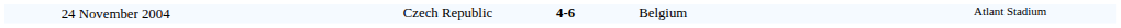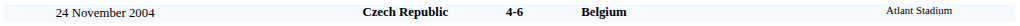 <table style="width: 100%; background:#F5FAFF;" cellspacing="0">
 <tr>
 <td align=center rowspan=3 width=20%>24 November 2004</td>
 </tr>
 <tr>
-<td width=24% align=right>Czech Republic </td>
+<td width=24% align=right><strong>Czech Republic </strong></td>
 <td align=center width=13%><strong>4-6</strong></td>
-<td width=24%> Belgium</td>
+<td width=24%><strong> Belgium</strong></td>
 <td style=font-size:85% rowspan=3 valign=top align=center>Atlant Stadium</td>
 </tr>
 <tr style=font-size:85%>
 <td align=right valign=top></td>
 <td></td>
 <td></td>
 </tr>
 </table>
